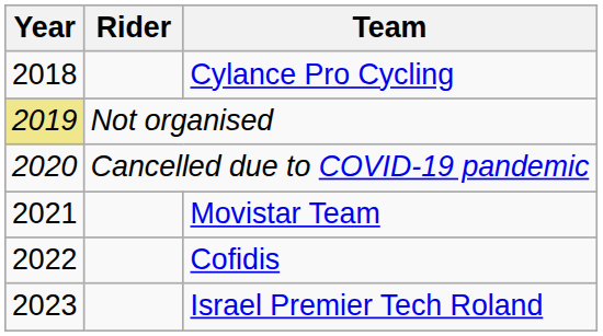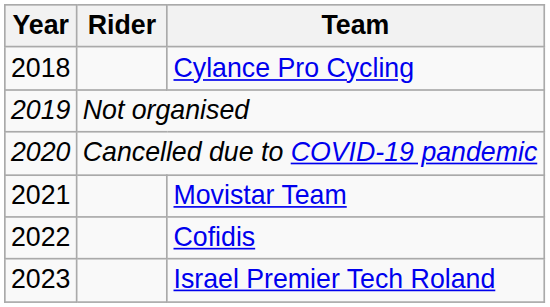 <table class="wikitable">
 <tr>
 <th>Year</th>
 <th>Rider</th>
 <th>Team</th>
 </tr>
 <tr>
 <td>2018</td>
 <td></td>
 <td><a href='#'>Cylance Pro Cycling</a></td>
 </tr>
 <tr>
-<td style="background: khaki;"><em>2019</em></td>
+<td><em>2019</em></td>
 <td colspan="2"><em>Not organised</em></td>
 </tr>
 <tr>
 <td><em>2020</em></td>
 <td colspan="2"><em>Cancelled due to <a href='#'>COVID-19 pandemic</a></em></td>
 </tr>
 <tr>
 <td>2021</td>
 <td></td>
 <td><a href='#'>Movistar Team</a></td>
 </tr>
 <tr>
 <td>2022</td>
 <td></td>
 <td><a href='#'>Cofidis</a></td>
 </tr>
 <tr>
 <td>2023</td>
 <td></td>
 <td><a href='#'>Israel Premier Tech Roland</a></td>
 </tr>
 </table>
